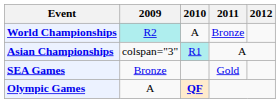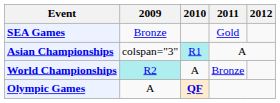 <table class="wikitable" style="font-size: 90%; text-align:center">
 <tr>
 <th>Event</th>
 <th>2009</th>
 <th>2010</th>
 <th>2011</th>
 <th>2012</th>
 </tr>
 <tr>
-<td bgcolor="#ECF2FF"; align="left"><strong><a href='#'>World Championships</a></strong></td>
-<td bgcolor=AFEEEE><a href='#'>R2</a></td>
-<td>A</td>
+<td bgcolor="#ECF2FF"; align="left"><strong><a href='#'>SEA Games</a></strong></td>
 <td> <a href='#'>Bronze</a></td>
+<td></td>
+<td> <a href='#'>Gold</a></td>
 <td></td>
 </tr>
 <tr>
 <td bgcolor="#ECF2FF"; align="left"><strong><a href='#'>Asian Championships</a></strong></td>
 <td>colspan="3" </td>
 <td bgcolor=AFEEEE><a href='#'>R1</a></td>
 <td colspan="2">A</td>
 </tr>
 <tr>
-<td bgcolor="#ECF2FF"; align="left"><strong><a href='#'>SEA Games</a></strong></td>
+<td bgcolor="#ECF2FF"; align="left"><strong><a href='#'>World Championships</a></strong></td>
+<td bgcolor=AFEEEE><a href='#'>R2</a></td>
+<td>A</td>
 <td> <a href='#'>Bronze</a></td>
-<td></td>
-<td> <a href='#'>Gold</a></td>
 <td></td>
 </tr>
 <tr>
 <td bgcolor="#ECF2FF"; align="left"><strong><a href='#'>Olympic Games</a></strong></td>
 <td>A</td>
 <td bgcolor=FFEBCD><strong><a href='#'>QF</a></strong></td>
 </tr>
 </table>
